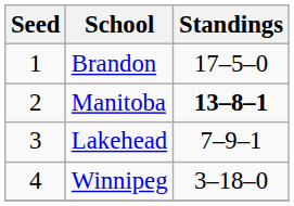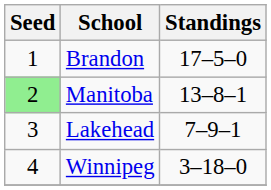 <table class="wikitable">
 <tr>
 <th>Seed</th>
 <th>School</th>
 <th>Standings</th>
 </tr>
 <tr>
 <td align=center>1</td>
 <td><a href='#'>Brandon</a></td>
 <td align=center>17–5–0</td>
 </tr>
 <tr>
-<td align=center>2</td>
+<td align=center style="background: lightgreen;">2</td>
 <td><a href='#'>Manitoba</a></td>
-<td align=center><strong>13–8–1</strong></td>
+<td align=center>13–8–1</td>
 </tr>
 <tr>
 <td align=center>3</td>
 <td><a href='#'>Lakehead</a></td>
 <td align=center>7–9–1</td>
 </tr>
 <tr>
 <td align=center>4</td>
 <td><a href='#'>Winnipeg</a></td>
 <td align=center>3–18–0</td>
 </tr>
 <tr>
 </tr>
 </table>
